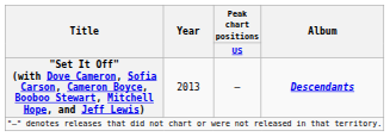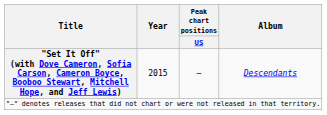 <table class="wikitable plainrowheaders" style="text-align:center">
 <tr>
 <th scope="col" rowspan="2" style="width:16em;">Title</th>
 <th scope="col" rowspan="2">Year</th>
 <th scope="col" colspan="1"><small>Peak<br>chart<br>positions</small></th>
 <th scope="col" rowspan="2">Album</th>
 </tr>
 <tr>
 <th scope="col" style="width:3em;font-size:90%;"><a href='#'>US</a></th>
 </tr>
 <tr>
 <th scope="row">"Set It Off"<br><span>(with <a href='#'>Dove Cameron</a>, <a href='#'>Sofia Carson</a>, <a href='#'>Cameron Boyce</a>, <a href='#'>Booboo Stewart</a>, <a href='#'>Mitchell Hope</a>, and <a href='#'>Jeff Lewis</a>)</span></th>
-<td>2013</td>
+<td>2015</td>
 <td>—</td>
-<td><strong><em><a href='#'>Descendants</a></em></strong></td>
+<td><em><a href='#'>Descendants</a></em></td>
 </tr>
 <tr>
 <td align="center" colspan="15" style="font-size:8pt">"—" denotes releases that did not chart or were not released in that territory.</td>
 </tr>
 </table>
